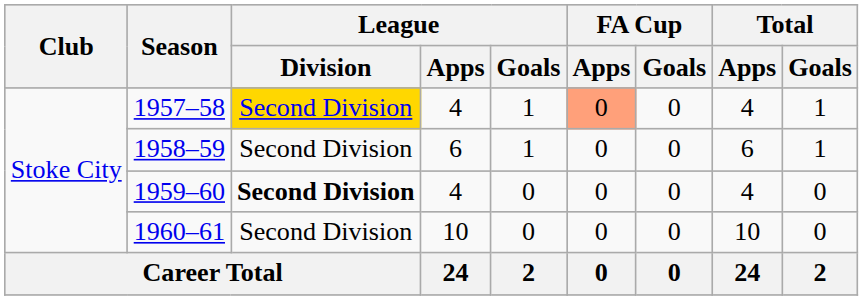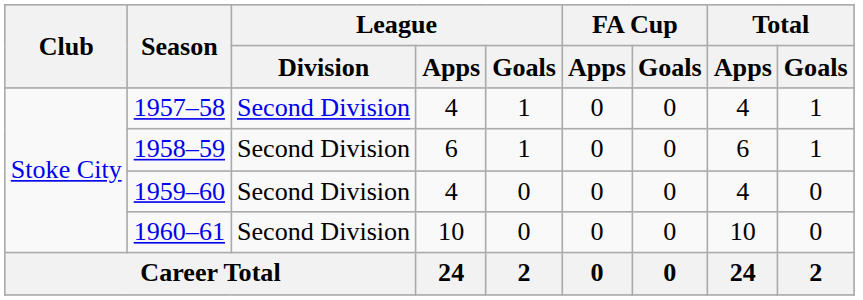 <table class="wikitable" style="text-align: center;">
 <tr>
 <th rowspan="2">Club</th>
 <th rowspan="2">Season</th>
 <th colspan="3">League</th>
 <th colspan="2">FA Cup</th>
 <th colspan="2">Total</th>
 </tr>
 <tr>
 <th>Division</th>
 <th>Apps</th>
 <th>Goals</th>
 <th>Apps</th>
 <th>Goals</th>
 <th>Apps</th>
 <th>Goals</th>
 </tr>
 <tr>
 <td rowspan="4"><a href='#'>Stoke City</a></td>
 <td><a href='#'>1957–58</a></td>
-<td style="background: gold;"><a href='#'>Second Division</a></td>
+<td><a href='#'>Second Division</a></td>
 <td>4</td>
 <td>1</td>
-<td style="background: lightsalmon;">0</td>
+<td>0</td>
 <td>0</td>
 <td>4</td>
 <td>1</td>
 </tr>
 <tr>
 <td><a href='#'>1958–59</a></td>
 <td>Second Division</td>
 <td>6</td>
 <td>1</td>
 <td>0</td>
 <td>0</td>
 <td>6</td>
 <td>1</td>
 </tr>
 <tr>
 <td><a href='#'>1959–60</a></td>
-<td><strong>Second Division</strong></td>
+<td>Second Division</td>
 <td>4</td>
 <td>0</td>
 <td>0</td>
 <td>0</td>
 <td>4</td>
 <td>0</td>
 </tr>
 <tr>
 <td><a href='#'>1960–61</a></td>
 <td>Second Division</td>
 <td>10</td>
 <td>0</td>
 <td>0</td>
 <td>0</td>
 <td>10</td>
 <td>0</td>
 </tr>
 <tr>
 <th colspan="3">Career Total</th>
 <th>24</th>
 <th>2</th>
 <th>0</th>
 <th>0</th>
 <th>24</th>
 <th>2</th>
 </tr>
 </table>
